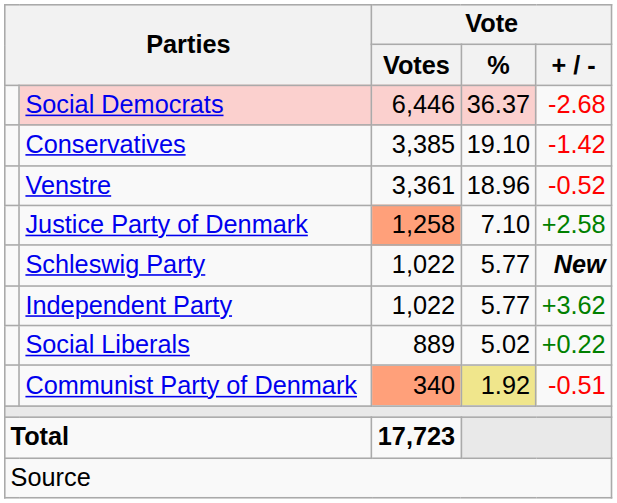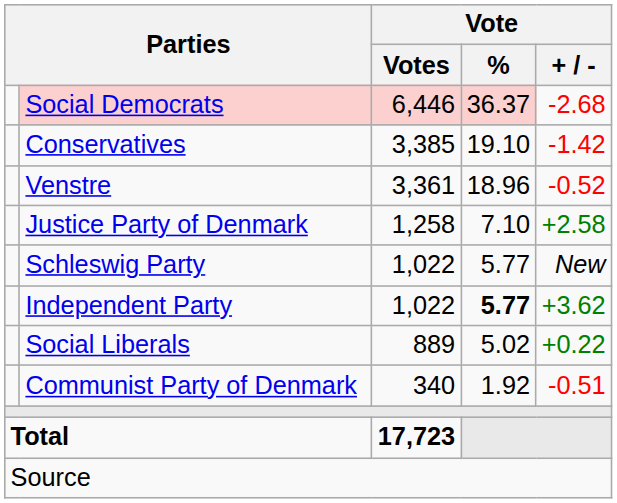 <table class="wikitable" style="text-align:right;">
 <tr>
 <th style="text-align:centre;" rowspan="2" colspan="2" width="225">Parties</th>
 <th colspan="3">Vote</th>
 </tr>
 <tr>
 <th width="15">Votes</th>
 <th width="15">%</th>
 <th width="15">+ / -</th>
 </tr>
 <tr>
 <td width="2" style="color:inherit;background:"></td>
 <td bgcolor=#fbd0ce  align="left"><a href='#'>Social Democrats</a></td>
 <td bgcolor=#fbd0ce>6,446</td>
 <td bgcolor=#fbd0ce>36.37</td>
 <td style=color:red;>-2.68</td>
 </tr>
 <tr>
 <td width="2" style="color:inherit;background:"></td>
 <td align="left"><a href='#'>Conservatives</a></td>
 <td>3,385</td>
 <td>19.10</td>
 <td style=color:red;>-1.42</td>
 </tr>
 <tr>
 <td width="2" style="color:inherit;background:"></td>
 <td align="left"><a href='#'>Venstre</a></td>
 <td>3,361</td>
 <td>18.96</td>
 <td style=color:red;>-0.52</td>
 </tr>
 <tr>
 <td width="2" style="color:inherit;background:"></td>
 <td align="left"><a href='#'>Justice Party of Denmark</a></td>
-<td style="background: lightsalmon;">1,258</td>
+<td>1,258</td>
 <td>7.10</td>
 <td style=color:green;>+2.58</td>
 </tr>
 <tr>
 <td width="2" style="color:inherit;background:"></td>
 <td align="left"><a href='#'>Schleswig Party</a></td>
 <td>1,022</td>
 <td>5.77</td>
-<td><strong><em>New</em></strong></td>
+<td><em>New</em></td>
 </tr>
 <tr>
 <td width="2" style="color:inherit;background:"></td>
 <td align="left"><a href='#'>Independent Party</a></td>
 <td>1,022</td>
-<td>5.77</td>
+<td><strong>5.77</strong></td>
 <td style=color:green;>+3.62</td>
 </tr>
 <tr>
 <td width="2" style="color:inherit;background:"></td>
 <td align="left"><a href='#'>Social Liberals</a></td>
 <td>889</td>
 <td>5.02</td>
 <td style=color:green;>+0.22</td>
 </tr>
 <tr>
 <td width="2" style="color:inherit;background:"></td>
 <td align="left"><a href='#'>Communist Party of Denmark</a></td>
-<td style="background: lightsalmon;">340</td>
-<td style="background: khaki;">1.92</td>
+<td>340</td>
+<td>1.92</td>
 <td style=color:red;>-0.51</td>
 </tr>
 <tr>
 <td colspan="7" bgcolor="#E9E9E9"></td>
 </tr>
 <tr>
 <td align="left" colspan="2"><strong>Total</strong></td>
 <td><strong>17,723</strong></td>
 <td bgcolor="#E9E9E9" colspan="2"></td>
 </tr>
 <tr>
 <td align="left" colspan="6">Source</td>
 </tr>
 </table>
